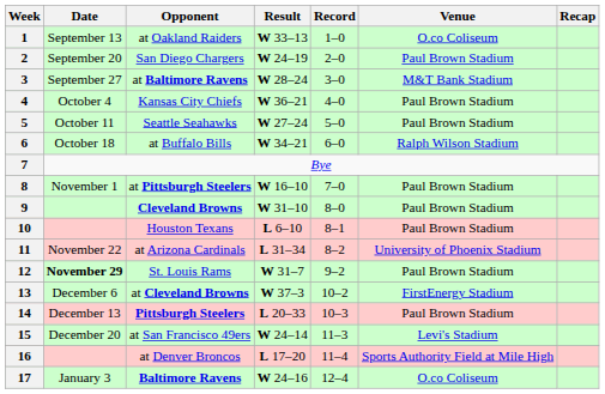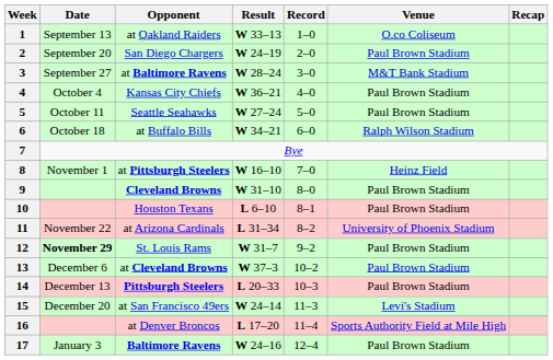 <table class="wikitable" style="text-align:center">
 <tr>
 <th>Week</th>
 <th>Date</th>
 <th>Opponent</th>
 <th>Result</th>
 <th>Record</th>
 <th>Venue</th>
 <th>Recap</th>
 </tr>
 <tr style="background:#cfc">
 <th>1</th>
 <td>September 13</td>
 <td>at <a href='#'>Oakland Raiders</a></td>
 <td><strong>W</strong> 33–13</td>
 <td>1–0</td>
 <td><a href='#'>O.co Coliseum</a></td>
 <td></td>
 </tr>
 <tr style="background:#cfc">
 <th>2</th>
 <td>September 20</td>
 <td><a href='#'>San Diego Chargers</a></td>
 <td><strong>W</strong> 24–19</td>
 <td>2–0</td>
 <td><a href='#'>Paul Brown Stadium</a></td>
 <td></td>
 </tr>
 <tr style="background:#cfc">
 <th>3</th>
 <td>September 27</td>
 <td>at <strong><a href='#'>Baltimore Ravens</a></strong></td>
 <td><strong>W</strong> 28–24</td>
 <td>3–0</td>
 <td><a href='#'>M&T Bank Stadium</a></td>
 <td></td>
 </tr>
 <tr style="background:#cfc">
 <th>4</th>
 <td>October 4</td>
 <td><a href='#'>Kansas City Chiefs</a></td>
 <td><strong>W</strong> 36–21</td>
 <td>4–0</td>
 <td>Paul Brown Stadium</td>
 <td></td>
 </tr>
 <tr style="background:#cfc">
 <th>5</th>
 <td>October 11</td>
 <td><a href='#'>Seattle Seahawks</a></td>
 <td><strong>W</strong> 27–24 </td>
 <td>5–0</td>
 <td>Paul Brown Stadium</td>
 <td></td>
 </tr>
 <tr style="background:#cfc">
 <th>6</th>
 <td>October 18</td>
 <td>at <a href='#'>Buffalo Bills</a></td>
 <td><strong>W</strong> 34–21</td>
 <td>6–0</td>
 <td><a href='#'>Ralph Wilson Stadium</a></td>
 <td></td>
 </tr>
 <tr>
 <th>7</th>
 <td colspan="6"><em><a href='#'>Bye</a></em></td>
 </tr>
 <tr style="background:#cfc">
 <th>8</th>
 <td>November 1</td>
 <td>at <strong><a href='#'>Pittsburgh Steelers</a></strong></td>
 <td><strong>W</strong> 16–10</td>
 <td>7–0</td>
-<td>Paul Brown Stadium</td>
+<td><a href='#'>Heinz Field</a></td>
 <td></td>
 </tr>
 <tr style="background:#cfc">
 <th>9</th>
 <td></td>
 <td><strong><a href='#'>Cleveland Browns</a></strong></td>
 <td><strong>W</strong> 31–10</td>
 <td>8–0</td>
 <td>Paul Brown Stadium</td>
 <td></td>
 </tr>
 <tr style="background:#fcc">
 <th>10</th>
 <td></td>
 <td><a href='#'>Houston Texans</a></td>
 <td><strong>L</strong> 6–10</td>
 <td>8–1</td>
 <td>Paul Brown Stadium</td>
 <td></td>
 </tr>
 <tr style="background:#fcc">
 <th>11</th>
 <td>November 22</td>
 <td>at <a href='#'>Arizona Cardinals</a></td>
 <td><strong>L</strong> 31–34</td>
 <td>8–2</td>
 <td><a href='#'>University of Phoenix Stadium</a></td>
 <td></td>
 </tr>
 <tr style="background:#cfc">
 <th>12</th>
 <td><strong>November 29</strong></td>
 <td><a href='#'>St. Louis Rams</a></td>
 <td><strong>W</strong> 31–7</td>
 <td>9–2</td>
 <td>Paul Brown Stadium</td>
 <td></td>
 </tr>
 <tr style="background:#cfc">
 <th>13</th>
 <td>December 6</td>
 <td>at <strong><a href='#'>Cleveland Browns</a></strong></td>
 <td><strong>W</strong> 37–3</td>
 <td>10–2</td>
-<td><a href='#'>FirstEnergy Stadium</a></td>
+<td><a href='#'>Paul Brown Stadium</a></td>
 <td></td>
 </tr>
 <tr style="background:#fcc">
 <th>14</th>
 <td>December 13</td>
 <td><strong><a href='#'>Pittsburgh Steelers</a></strong></td>
 <td><strong>L</strong> 20–33</td>
 <td>10–3</td>
 <td>Paul Brown Stadium</td>
 <td></td>
 </tr>
 <tr style="background:#cfc">
 <th>15</th>
 <td>December 20</td>
 <td>at <a href='#'>San Francisco 49ers</a></td>
 <td><strong>W</strong> 24–14</td>
 <td>11–3</td>
 <td><a href='#'>Levi's Stadium</a></td>
 <td></td>
 </tr>
 <tr style="background:#fcc">
 <th>16</th>
 <td></td>
 <td>at <a href='#'>Denver Broncos</a></td>
 <td><strong>L</strong> 17–20 </td>
 <td>11–4</td>
 <td><a href='#'>Sports Authority Field at Mile High</a></td>
 <td></td>
 </tr>
 <tr style="background:#cfc">
 <th>17</th>
 <td>January 3</td>
 <td><strong><a href='#'>Baltimore Ravens</a></strong></td>
 <td><strong>W</strong> 24–16</td>
 <td>12–4</td>
-<td><a href='#'>O.co Coliseum</a></td>
+<td>Paul Brown Stadium</td>
 <td></td>
 </tr>
 </table>
